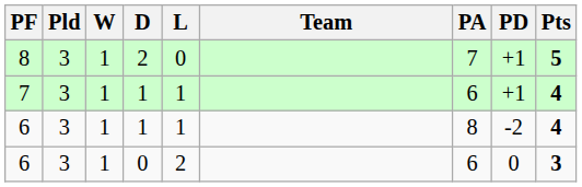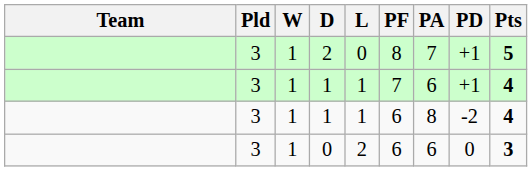 <table class="wikitable" style="text-align:center;">
 <tr>
-<th width=20 abbr="Points for">PF</th>
+<th width=175>Team</th>
 <th width=20 abbr="Played">Pld</th>
 <th width=20 abbr="Won">W</th>
 <th width=20 abbr="Drawn">D</th>
 <th width=20 abbr="Lost">L</th>
-<th width=175>Team</th>
+<th width=20 abbr="Points for">PF</th>
 <th width=20 abbr="Points against">PA</th>
 <th width=25 abbr="Points difference">PD</th>
 <th width=20 abbr="Points">Pts</th>
 </tr>
 <tr style="background:#ccffcc">
-<td>8</td>
+<td align=left></td>
 <td>3</td>
 <td>1</td>
 <td>2</td>
 <td>0</td>
-<td align=left></td>
+<td>8</td>
 <td>7</td>
 <td>+1</td>
 <td><strong>5</strong></td>
 </tr>
 <tr style="background:#ccffcc">
-<td>7</td>
+<td align=left></td>
 <td>3</td>
 <td>1</td>
 <td>1</td>
 <td>1</td>
-<td align=left></td>
+<td>7</td>
 <td>6</td>
 <td>+1</td>
 <td><strong>4</strong></td>
 </tr>
 <tr>
-<td>6</td>
+<td align=left></td>
 <td>3</td>
 <td>1</td>
 <td>1</td>
 <td>1</td>
-<td align=left></td>
+<td>6</td>
 <td>8</td>
 <td>-2</td>
 <td><strong>4</strong></td>
 </tr>
 <tr>
-<td>6</td>
+<td align=left></td>
 <td>3</td>
 <td>1</td>
 <td>0</td>
 <td>2</td>
-<td align=left></td>
+<td>6</td>
 <td>6</td>
 <td>0</td>
 <td><strong>3</strong></td>
 </tr>
 </table>
